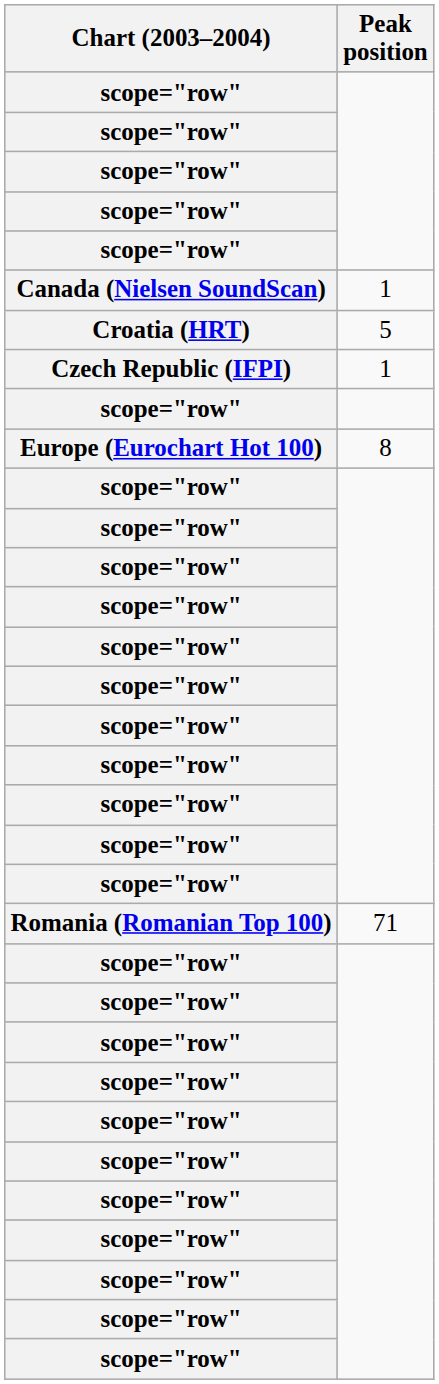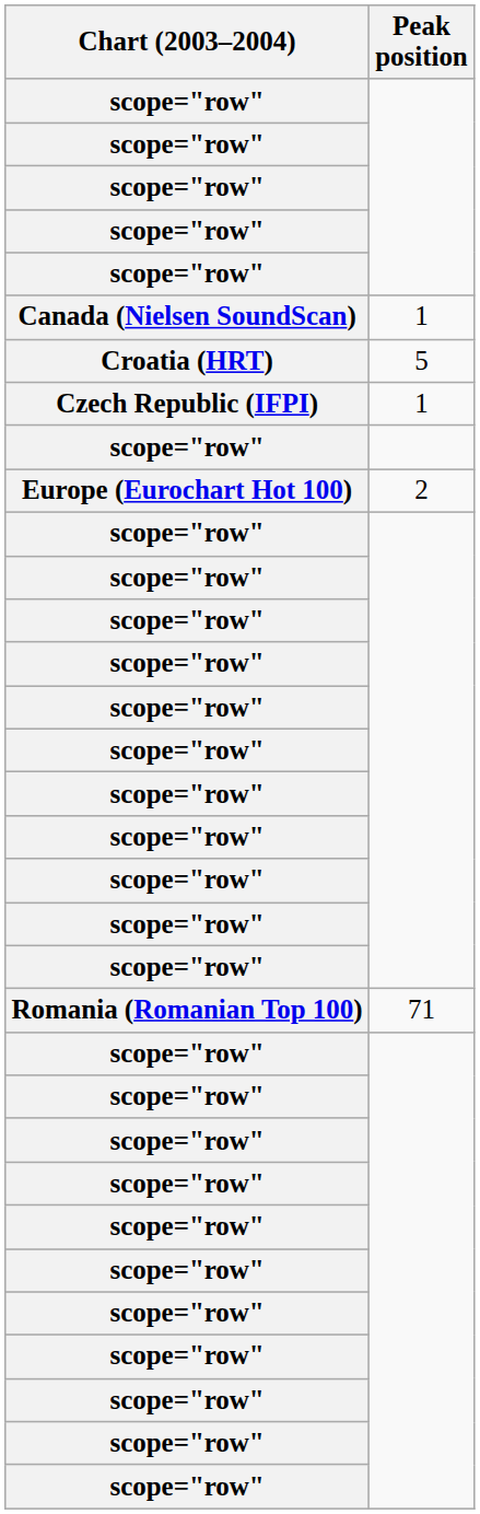 <table class="wikitable sortable plainrowheaders" style="text-align:center">
 <tr>
 <th scope="col">Chart (2003–2004)</th>
 <th scope="col">Peak<br>position</th>
 </tr>
 <tr>
 <th>scope="row"</th>
 </tr>
 <tr>
 <th>scope="row"</th>
 </tr>
 <tr>
 <th>scope="row"</th>
 </tr>
 <tr>
 <th>scope="row"</th>
 </tr>
 <tr>
 <th>scope="row"</th>
 </tr>
 <tr>
 <th scope="row">Canada (<a href='#'>Nielsen SoundScan</a>)</th>
 <td>1</td>
 </tr>
 <tr>
 <th scope="row">Croatia (<a href='#'>HRT</a>)</th>
 <td>5</td>
 </tr>
 <tr>
 <th scope="row">Czech Republic (<a href='#'>IFPI</a>)</th>
 <td>1</td>
 </tr>
 <tr>
 <th>scope="row"</th>
 </tr>
 <tr>
 <th scope="row">Europe (<a href='#'>Eurochart Hot 100</a>)</th>
-<td>8</td>
+<td>2</td>
 </tr>
 <tr>
 <th>scope="row"</th>
 </tr>
 <tr>
 <th>scope="row"</th>
 </tr>
 <tr>
 <th>scope="row"</th>
 </tr>
 <tr>
 <th>scope="row"</th>
 </tr>
 <tr>
 <th>scope="row"</th>
 </tr>
 <tr>
 <th>scope="row"</th>
 </tr>
 <tr>
 <th>scope="row"</th>
 </tr>
 <tr>
 <th>scope="row"</th>
 </tr>
 <tr>
 <th>scope="row"</th>
 </tr>
 <tr>
 <th>scope="row"</th>
 </tr>
 <tr>
 <th>scope="row"</th>
 </tr>
 <tr>
 <th scope="row">Romania (<a href='#'>Romanian Top 100</a>)</th>
 <td>71</td>
 </tr>
 <tr>
 <th>scope="row"</th>
 </tr>
 <tr>
 <th>scope="row"</th>
 </tr>
 <tr>
 <th>scope="row"</th>
 </tr>
 <tr>
 <th>scope="row"</th>
 </tr>
 <tr>
 <th>scope="row"</th>
 </tr>
 <tr>
 <th>scope="row"</th>
 </tr>
 <tr>
 <th>scope="row"</th>
 </tr>
 <tr>
 <th>scope="row"</th>
 </tr>
 <tr>
 <th>scope="row"</th>
 </tr>
 <tr>
 <th>scope="row"</th>
 </tr>
 <tr>
 <th>scope="row"</th>
 </tr>
 </table>
